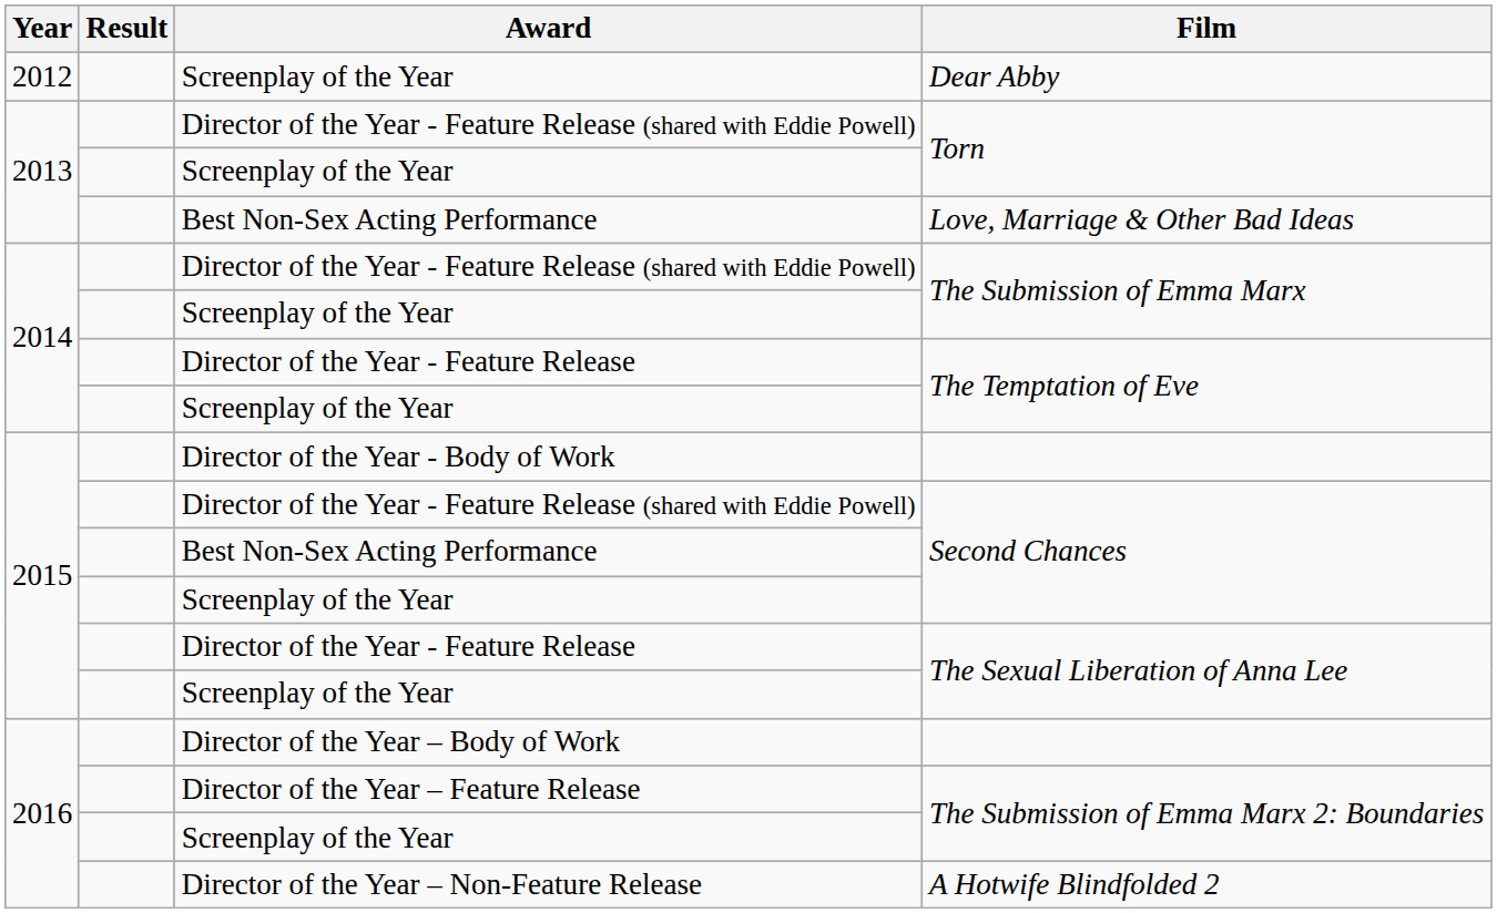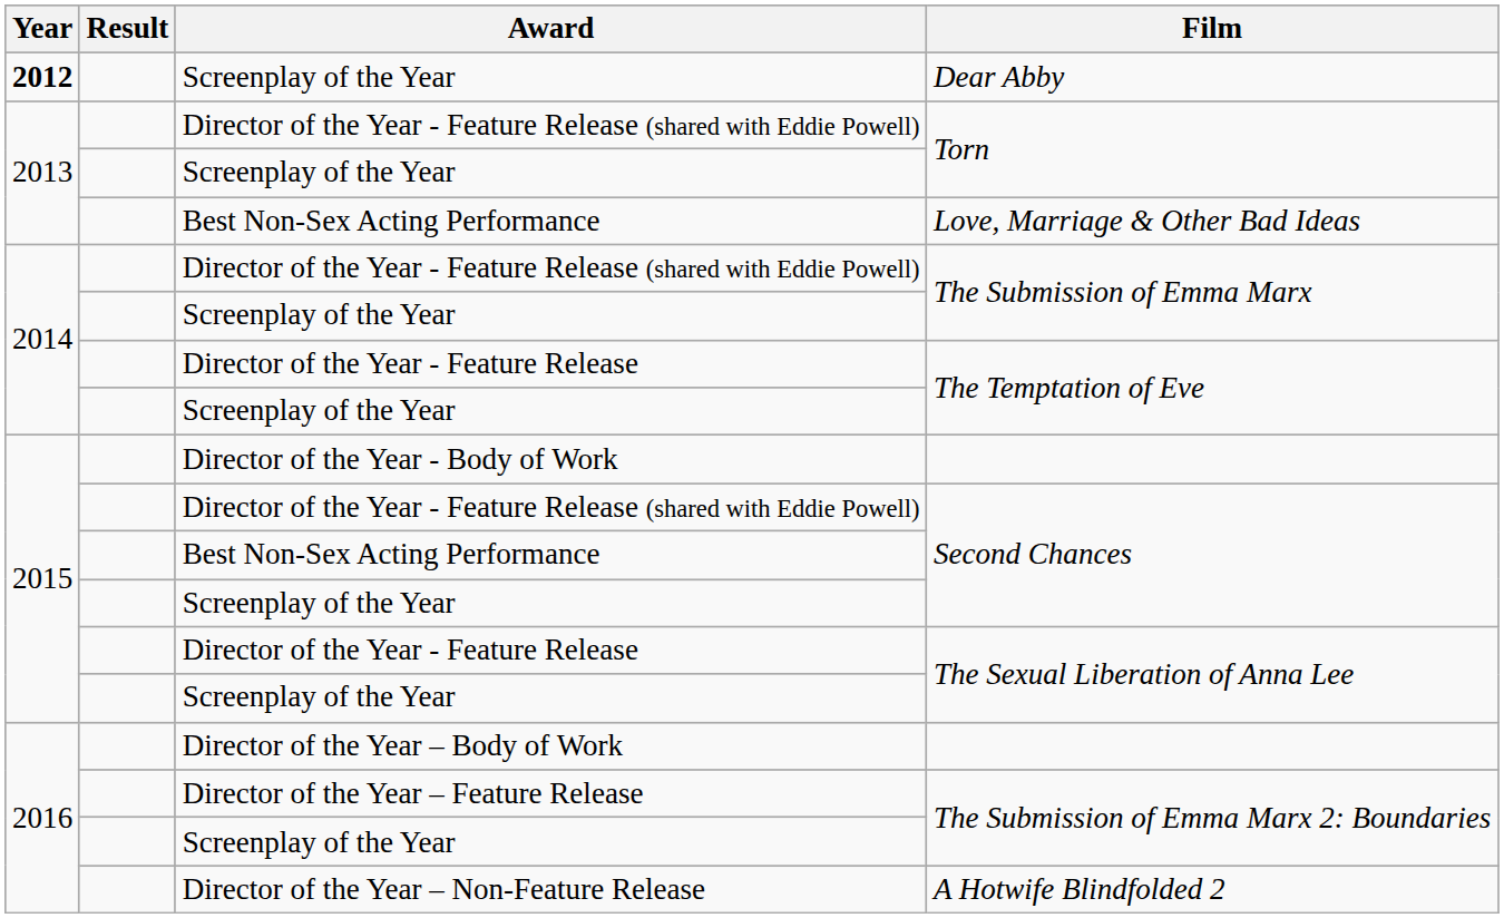 <table class="wikitable">
 <tr>
 <th>Year</th>
 <th>Result</th>
 <th>Award</th>
 <th>Film</th>
 </tr>
 <tr>
-<td>2012</td>
+<td><strong>2012</strong></td>
 <td></td>
 <td>Screenplay of the Year</td>
 <td><em>Dear Abby</em></td>
 </tr>
 <tr>
 <td rowspan="3">2013</td>
 <td></td>
 <td>Director of the Year - Feature Release <small>(shared with Eddie Powell)</small></td>
 <td rowspan="2"><em>Torn</em></td>
 </tr>
 <tr>
 <td></td>
 <td>Screenplay of the Year</td>
 </tr>
 <tr>
 <td></td>
 <td>Best Non-Sex Acting Performance</td>
 <td><em>Love, Marriage & Other Bad Ideas</em></td>
 </tr>
 <tr>
 <td rowspan="4">2014</td>
 <td></td>
 <td>Director of the Year - Feature Release <small>(shared with Eddie Powell)</small></td>
 <td rowspan="2"><em>The Submission of Emma Marx</em></td>
 </tr>
 <tr>
 <td></td>
 <td>Screenplay of the Year</td>
 </tr>
 <tr>
 <td></td>
 <td>Director of the Year - Feature Release</td>
 <td rowspan="2"><em>The Temptation of Eve</em></td>
 </tr>
 <tr>
 <td></td>
 <td>Screenplay of the Year</td>
 </tr>
 <tr>
 <td rowspan="6">2015</td>
 <td></td>
 <td>Director of the Year - Body of Work</td>
 <td></td>
 </tr>
 <tr>
 <td></td>
 <td>Director of the Year - Feature Release <small>(shared with Eddie Powell)</small></td>
 <td rowspan="3"><em>Second Chances</em></td>
 </tr>
 <tr>
 <td></td>
 <td>Best Non-Sex Acting Performance</td>
 </tr>
 <tr>
 <td></td>
 <td>Screenplay of the Year</td>
 </tr>
 <tr>
 <td></td>
 <td>Director of the Year - Feature Release</td>
 <td rowspan="2"><em>The Sexual Liberation of Anna Lee</em></td>
 </tr>
 <tr>
 <td></td>
 <td>Screenplay of the Year</td>
 </tr>
 <tr>
 <td rowspan="4">2016</td>
 <td></td>
 <td>Director of the Year – Body of Work</td>
 <td></td>
 </tr>
 <tr>
 <td></td>
 <td>Director of the Year – Feature Release</td>
 <td rowspan="2"><em>The Submission of Emma Marx 2: Boundaries</em></td>
 </tr>
 <tr>
 <td></td>
 <td>Screenplay of the Year</td>
 </tr>
 <tr>
 <td></td>
 <td>Director of the Year – Non-Feature Release</td>
 <td><em>A Hotwife Blindfolded 2</em></td>
 </tr>
 </table>
